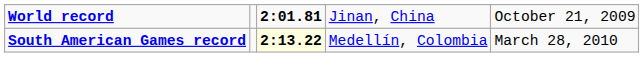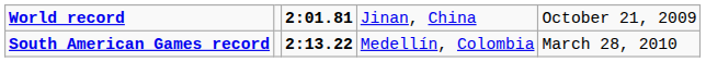 <table class="wikitable">
 <tr>
 <td><strong><a href='#'>World record</a></strong></td>
 <td></td>
 <td><strong>2:01.81</strong></td>
 <td><a href='#'>Jinan</a>, <a href='#'>China</a></td>
 <td>October 21, 2009</td>
 </tr>
 <tr>
 <td><strong><a href='#'>South American Games record</a></strong></td>
 <td></td>
-<td style="background: lightyellow;"><strong>2:13.22</strong></td>
+<td><strong>2:13.22</strong></td>
 <td><a href='#'>Medellín</a>, <a href='#'>Colombia</a></td>
 <td>March 28, 2010</td>
 </tr>
 </table>
